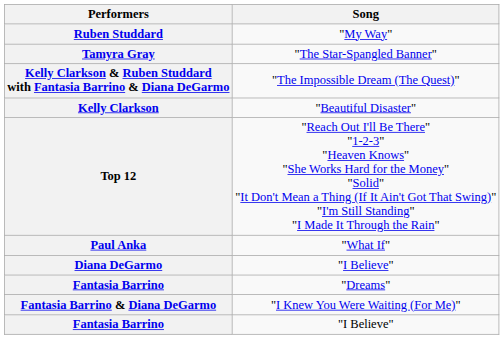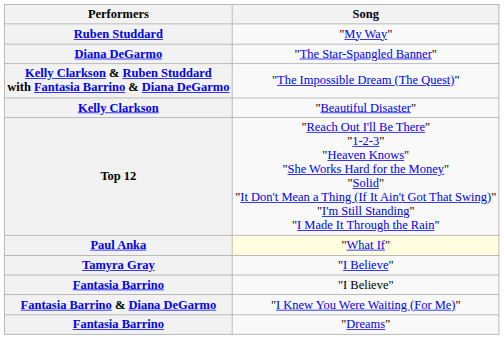 <table class="wikitable unsortable" style="text-align:center;">
 <tr>
 <th scope="col">Performers</th>
 <th scope="col">Song</th>
 </tr>
 <tr>
 <th scope="row"><a href='#'>Ruben Studdard</a></th>
 <td>"<a href='#'>My Way</a>"</td>
 </tr>
 <tr>
-<th scope="row"><a href='#'>Tamyra Gray</a></th>
+<th scope="row"><a href='#'>Diana DeGarmo</a></th>
 <td>"<a href='#'>The Star-Spangled Banner</a>"</td>
 </tr>
 <tr>
 <th scope="row"><a href='#'>Kelly Clarkson</a> & <a href='#'>Ruben Studdard</a><br>with <a href='#'>Fantasia Barrino</a> & <a href='#'>Diana DeGarmo</a></th>
 <td>"<a href='#'>The Impossible Dream (The Quest)</a>"</td>
 </tr>
 <tr>
 <th scope="row"><a href='#'>Kelly Clarkson</a></th>
 <td>"<a href='#'>Beautiful Disaster</a>"</td>
 </tr>
 <tr>
 <th scope="row">Top 12</th>
 <td>"<a href='#'>Reach Out I'll Be There</a>"<br>"<a href='#'>1-2-3</a>"<br>"<a href='#'>Heaven Knows</a>"<br>"<a href='#'>She Works Hard for the Money</a>"<br>"<a href='#'>Solid</a>"<br>"<a href='#'>It Don't Mean a Thing (If It Ain't Got That Swing)</a>"<br>"<a href='#'>I'm Still Standing</a>"<br>"<a href='#'>I Made It Through the Rain</a>"</td>
 </tr>
 <tr>
 <th scope="row"><a href='#'>Paul Anka</a></th>
-<td>"<a href='#'>What If</a>"</td>
+<td style="background: lightyellow;">"<a href='#'>What If</a>"</td>
 </tr>
 <tr>
-<th scope="row"><a href='#'>Diana DeGarmo</a></th>
+<th scope="row"><a href='#'>Tamyra Gray</a></th>
 <td>"<a href='#'>I Believe</a>"</td>
 </tr>
 <tr>
 <th scope="row"><a href='#'>Fantasia Barrino</a></th>
-<td>"<a href='#'>Dreams</a>"</td>
+<td>"I Believe"</td>
 </tr>
 <tr>
 <th scope="row"><a href='#'>Fantasia Barrino</a> & <a href='#'>Diana DeGarmo</a></th>
 <td>"<a href='#'>I Knew You Were Waiting (For Me)</a>"</td>
 </tr>
 <tr>
 <th scope="row"><a href='#'>Fantasia Barrino</a></th>
-<td>"I Believe"</td>
+<td>"<a href='#'>Dreams</a>"</td>
 </tr>
 </table>
